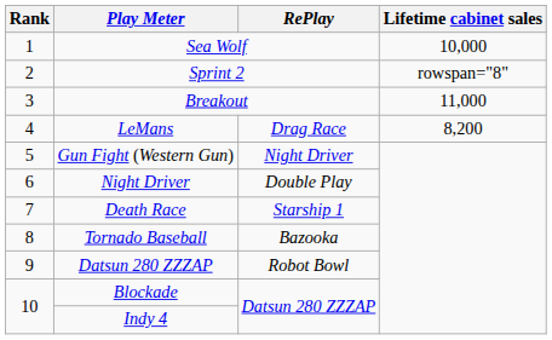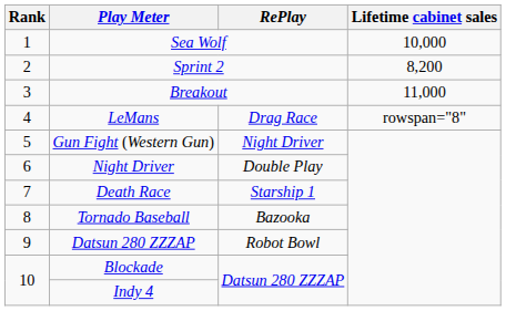 <table class="wikitable sortable" style="text-align:center">
 <tr>
 <th>Rank</th>
 <th><em><a href='#'>Play Meter</a></em></th>
 <th><em>RePlay</em></th>
 <th>Lifetime <a href='#'>cabinet</a> sales</th>
 </tr>
 <tr>
 <td>1</td>
 <td colspan="2"><em><a href='#'>Sea Wolf</a></em></td>
 <td>10,000</td>
 </tr>
 <tr>
 <td>2</td>
 <td colspan="2"><em><a href='#'>Sprint 2</a></em></td>
-<td>rowspan="8" </td>
+<td>8,200</td>
 </tr>
 <tr>
 <td>3</td>
 <td colspan="2"><em><a href='#'>Breakout</a></em></td>
 <td>11,000</td>
 </tr>
 <tr>
 <td>4</td>
 <td><em><a href='#'>LeMans</a></em></td>
 <td><em><a href='#'>Drag Race</a></em></td>
-<td>8,200</td>
+<td>rowspan="8" </td>
 </tr>
 <tr>
 <td>5</td>
 <td><em><a href='#'>Gun Fight</a></em> (<em>Western Gun</em>)</td>
 <td><em><a href='#'>Night Driver</a></em></td>
 </tr>
 <tr>
 <td>6</td>
 <td><em><a href='#'>Night Driver</a></em></td>
 <td><em>Double Play</em></td>
 </tr>
 <tr>
 <td>7</td>
 <td><em><a href='#'>Death Race</a></em></td>
 <td><em><a href='#'>Starship 1</a></em></td>
 </tr>
 <tr>
 <td>8</td>
 <td><em><a href='#'>Tornado Baseball</a></em></td>
 <td><em>Bazooka</em></td>
 </tr>
 <tr>
 <td>9</td>
 <td><em><a href='#'>Datsun 280 ZZZAP</a></em></td>
 <td><em>Robot Bowl</em></td>
 </tr>
 <tr>
 <td rowspan="2">10</td>
 <td><em><a href='#'>Blockade</a></em></td>
 <td rowspan="2"><em><a href='#'>Datsun 280 ZZZAP</a></em></td>
 </tr>
 <tr>
 <td><em><a href='#'>Indy 4</a></em></td>
 </tr>
 </table>
